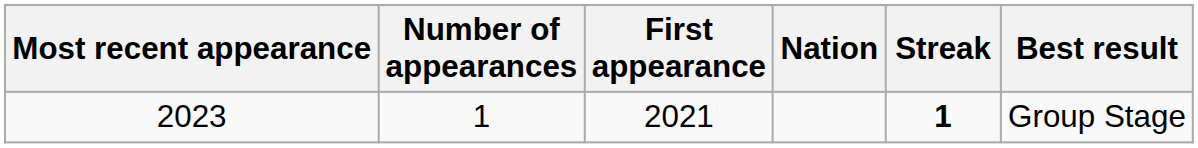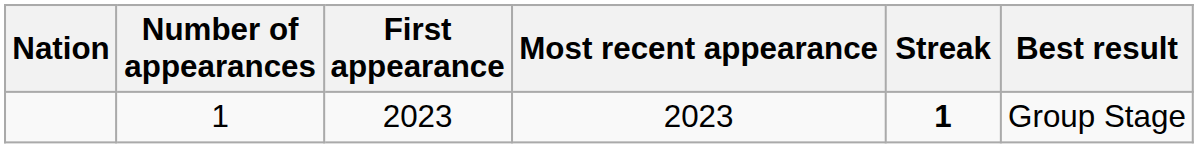 <table class="wikitable sortable" style="font-size:97%; text-align:center">
 <tr>
-<th>Most recent appearance</th>
+<th>Nation</th>
 <th width="60">Number of appearances</th>
 <th width="60">First appearance</th>
-<th>Nation</th>
+<th>Most recent appearance</th>
 <th width="50">Streak</th>
 <th>Best result</th>
 </tr>
 <tr>
+<td align=left></td>
+<td>1</td>
 <td>2023</td>
-<td>1</td>
-<td>2021</td>
-<td align=left></td>
+<td>2023</td>
 <td><strong>1</strong></td>
 <td>Group Stage</td>
 </tr>
 </table>
